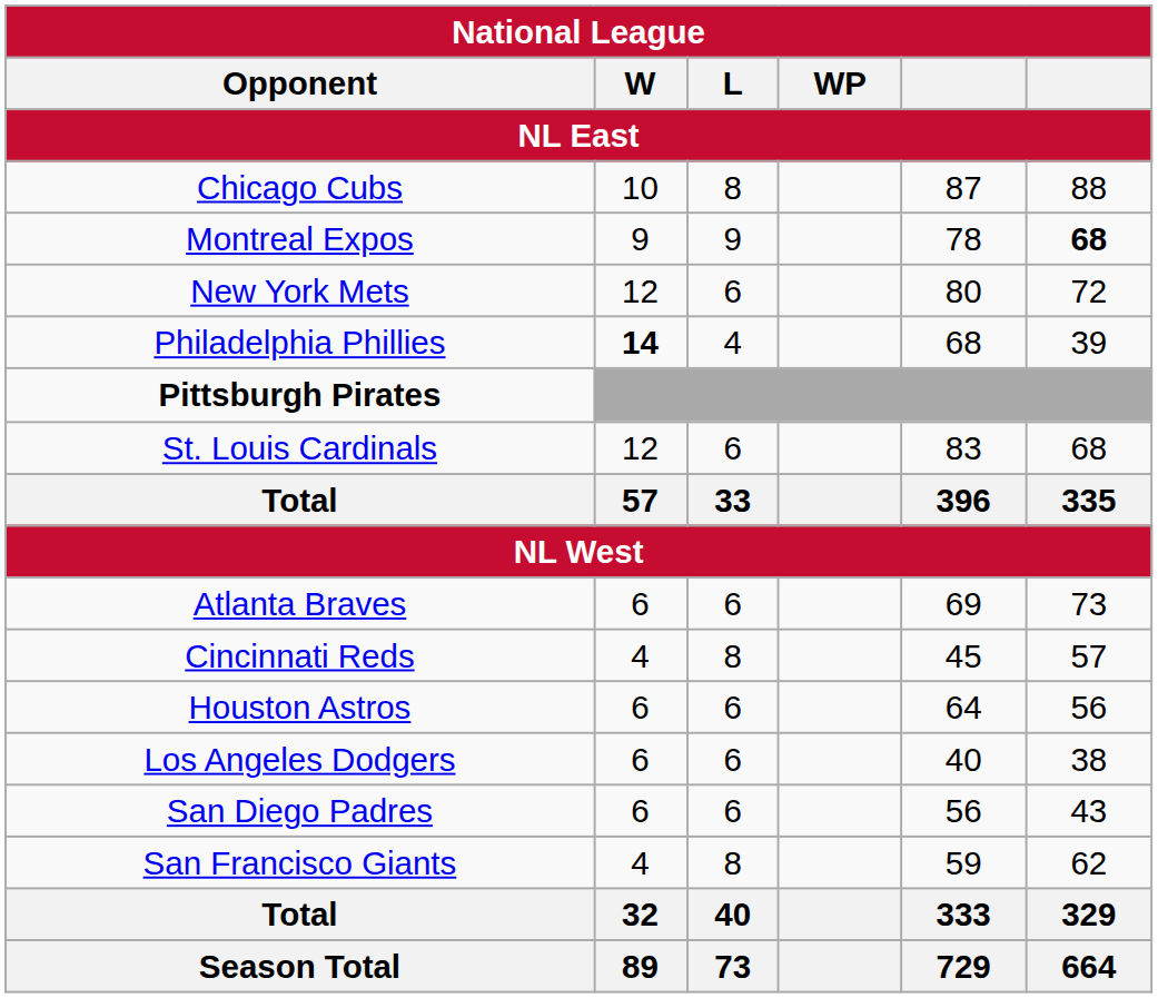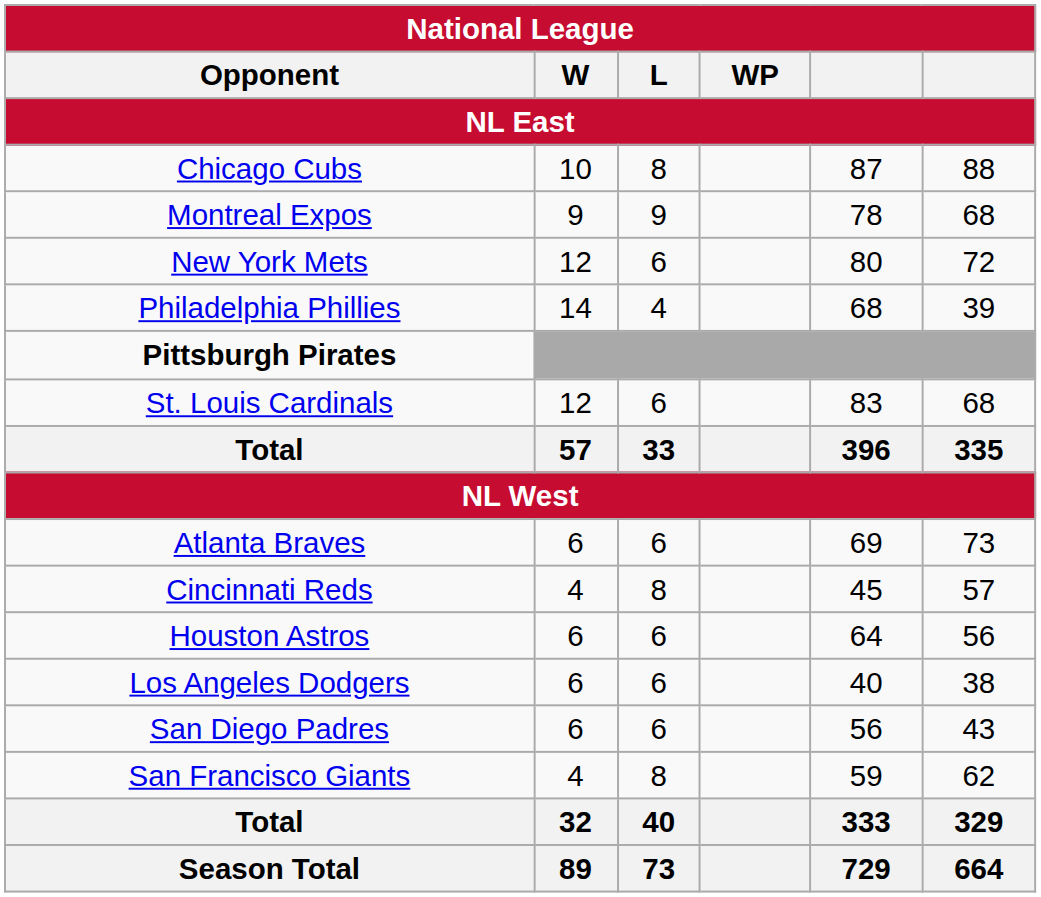 <table class="wikitable" style="font-size:95%; text-align:center; width:35em;margin:0.5em auto;">
 <tr>
 <th colspan="7" style="background:#c60c30; color:#ffffff;">National League</th>
 </tr>
 <tr>
 <th>Opponent</th>
 <th>W</th>
 <th>L</th>
 <th>WP</th>
 <th></th>
 <th></th>
 </tr>
 <tr>
 <th colspan="7" style="background:#c60c30; color:#ffffff;">NL East</th>
 </tr>
 <tr>
 <td><a href='#'>Chicago Cubs</a></td>
 <td>10</td>
 <td>8</td>
 <td></td>
 <td>87</td>
 <td>88</td>
 </tr>
 <tr>
 <td><a href='#'>Montreal Expos</a></td>
 <td>9</td>
 <td>9</td>
 <td></td>
 <td>78</td>
-<td><strong>68</strong></td>
+<td>68</td>
 </tr>
 <tr>
 <td><a href='#'>New York Mets</a></td>
 <td>12</td>
 <td>6</td>
 <td></td>
 <td>80</td>
 <td>72</td>
 </tr>
 <tr>
 <td><a href='#'>Philadelphia Phillies</a></td>
-<td><strong>14</strong></td>
+<td>14</td>
 <td>4</td>
 <td></td>
 <td>68</td>
 <td>39</td>
 </tr>
 <tr>
 <td><strong>Pittsburgh Pirates</strong></td>
 <td colspan=5 style="background:darkgray;"></td>
 </tr>
 <tr>
 <td><a href='#'>St. Louis Cardinals</a></td>
 <td>12</td>
 <td>6</td>
 <td></td>
 <td>83</td>
 <td>68</td>
 </tr>
 <tr>
 <th>Total</th>
 <th>57</th>
 <th>33</th>
 <th></th>
 <th>396</th>
 <th>335</th>
 </tr>
 <tr>
 <th colspan="7" style="background:#c60c30; color:#ffffff;">NL West</th>
 </tr>
 <tr>
 <td><a href='#'>Atlanta Braves</a></td>
 <td>6</td>
 <td>6</td>
 <td></td>
 <td>69</td>
 <td>73</td>
 </tr>
 <tr>
 <td><a href='#'>Cincinnati Reds</a></td>
 <td>4</td>
 <td>8</td>
 <td></td>
 <td>45</td>
 <td>57</td>
 </tr>
 <tr>
 <td><a href='#'>Houston Astros</a></td>
 <td>6</td>
 <td>6</td>
 <td></td>
 <td>64</td>
 <td>56</td>
 </tr>
 <tr>
 <td><a href='#'>Los Angeles Dodgers</a></td>
 <td>6</td>
 <td>6</td>
 <td></td>
 <td>40</td>
 <td>38</td>
 </tr>
 <tr>
 <td><a href='#'>San Diego Padres</a></td>
 <td>6</td>
 <td>6</td>
 <td></td>
 <td>56</td>
 <td>43</td>
 </tr>
 <tr>
 <td><a href='#'>San Francisco Giants</a></td>
 <td>4</td>
 <td>8</td>
 <td></td>
 <td>59</td>
 <td>62</td>
 </tr>
 <tr>
 <th>Total</th>
 <th>32</th>
 <th>40</th>
 <th></th>
 <th>333</th>
 <th>329</th>
 </tr>
 <tr>
 <th>Season Total</th>
 <th>89</th>
 <th>73</th>
 <th></th>
 <th>729</th>
 <th>664</th>
 </tr>
 </table>
